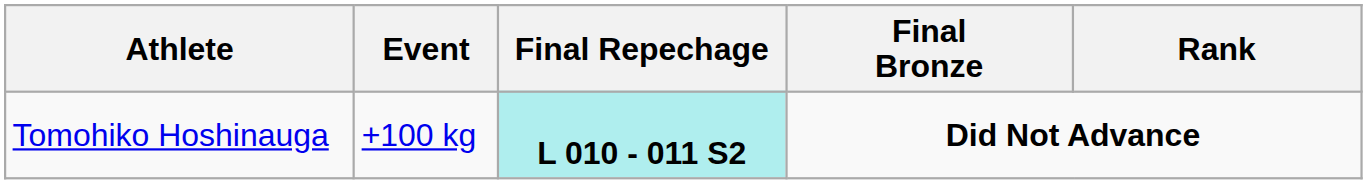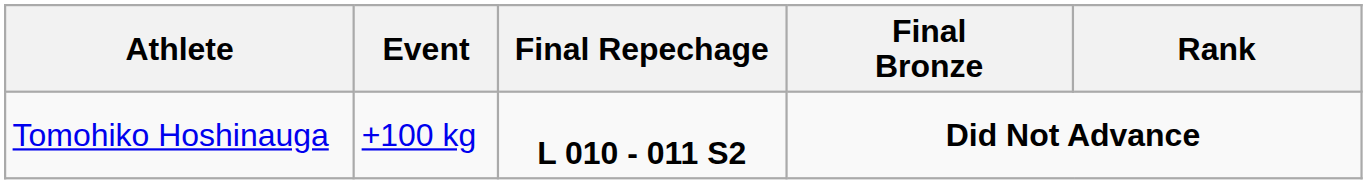 <table class="wikitable" width="98%" style="text-align:left; font-size:90%">
 <tr>
 <th width="17%">Athlete</th>
 <th width="6%">Event</th>
 <th width="14%">Final Repechage</th>
 <th width="14%">Final <br> Bronze</th>
 <th width="14%">Rank</th>
 </tr>
 <tr>
 <td><a href='#'>Tomohiko Hoshinauga</a></td>
 <td><a href='#'>+100 kg</a></td>
-<td align=center style="background: paleturquoise;"><br> <strong>L 010 - 011 S2</strong></td>
+<td align=center><br> <strong>L 010 - 011 S2</strong></td>
 <td colspan=2 align=center><strong>Did Not Advance</strong></td>
 </tr>
 </table>
